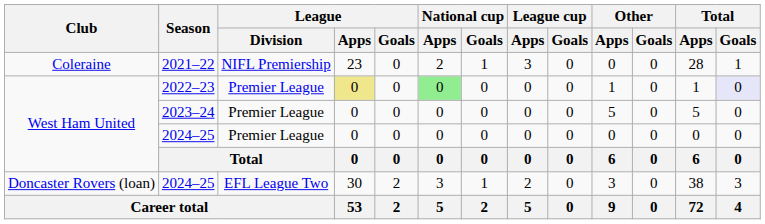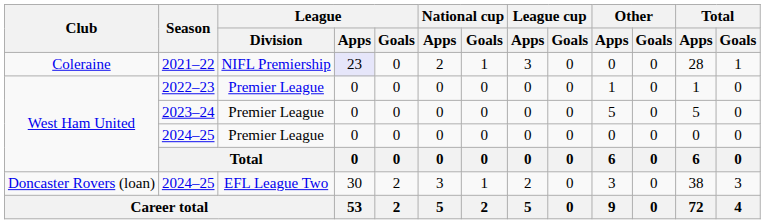 <table class="wikitable" style="text-align: center;">
 <tr>
 <th rowspan="2">Club</th>
 <th rowspan="2">Season</th>
 <th colspan="3">League</th>
 <th colspan="2">National cup</th>
 <th colspan="2">League cup</th>
 <th colspan="2">Other</th>
 <th colspan="2">Total</th>
 </tr>
 <tr>
 <th>Division</th>
 <th>Apps</th>
 <th>Goals</th>
 <th>Apps</th>
 <th>Goals</th>
 <th>Apps</th>
 <th>Goals</th>
 <th>Apps</th>
 <th>Goals</th>
 <th>Apps</th>
 <th>Goals</th>
 </tr>
 <tr>
 <td><a href='#'>Coleraine</a></td>
 <td><a href='#'>2021–22</a></td>
 <td><a href='#'>NIFL Premiership</a></td>
-<td>23</td>
+<td style="background: lavender;">23</td>
 <td>0</td>
 <td>2</td>
 <td>1</td>
 <td>3</td>
 <td>0</td>
 <td>0</td>
 <td>0</td>
 <td>28</td>
 <td>1</td>
 </tr>
 <tr>
 <td rowspan="4"><a href='#'>West Ham United</a></td>
 <td><a href='#'>2022–23</a></td>
 <td><a href='#'>Premier League</a></td>
-<td style="background: khaki;">0</td>
 <td>0</td>
-<td style="background: lightgreen;">0</td>
+<td>0</td>
+<td>0</td>
 <td>0</td>
 <td>0</td>
 <td>0</td>
 <td>1</td>
 <td>0</td>
 <td>1</td>
-<td style="background: lavender;">0</td>
+<td>0</td>
 </tr>
 <tr>
 <td><a href='#'>2023–24</a></td>
 <td>Premier League</td>
 <td>0</td>
 <td>0</td>
 <td>0</td>
 <td>0</td>
 <td>0</td>
 <td>0</td>
 <td>5</td>
 <td>0</td>
 <td>5</td>
 <td>0</td>
 </tr>
 <tr>
 <td><a href='#'>2024–25</a></td>
 <td>Premier League</td>
 <td>0</td>
 <td>0</td>
 <td>0</td>
 <td>0</td>
 <td>0</td>
 <td>0</td>
 <td>0</td>
 <td>0</td>
 <td>0</td>
 <td>0</td>
 </tr>
 <tr>
 <th colspan="2">Total</th>
 <th>0</th>
 <th>0</th>
 <th>0</th>
 <th>0</th>
 <th>0</th>
 <th>0</th>
 <th>6</th>
 <th>0</th>
 <th>6</th>
 <th>0</th>
 </tr>
 <tr>
 <td><a href='#'>Doncaster Rovers</a> (loan)</td>
 <td><a href='#'>2024–25</a></td>
 <td><a href='#'>EFL League Two</a></td>
 <td>30</td>
 <td>2</td>
 <td>3</td>
 <td>1</td>
 <td>2</td>
 <td>0</td>
 <td>3</td>
 <td>0</td>
 <td>38</td>
 <td>3</td>
 </tr>
 <tr>
 <th colspan="3">Career total</th>
 <th>53</th>
 <th>2</th>
 <th>5</th>
 <th>2</th>
 <th>5</th>
 <th>0</th>
 <th>9</th>
 <th>0</th>
 <th>72</th>
 <th>4</th>
 </tr>
 </table>
